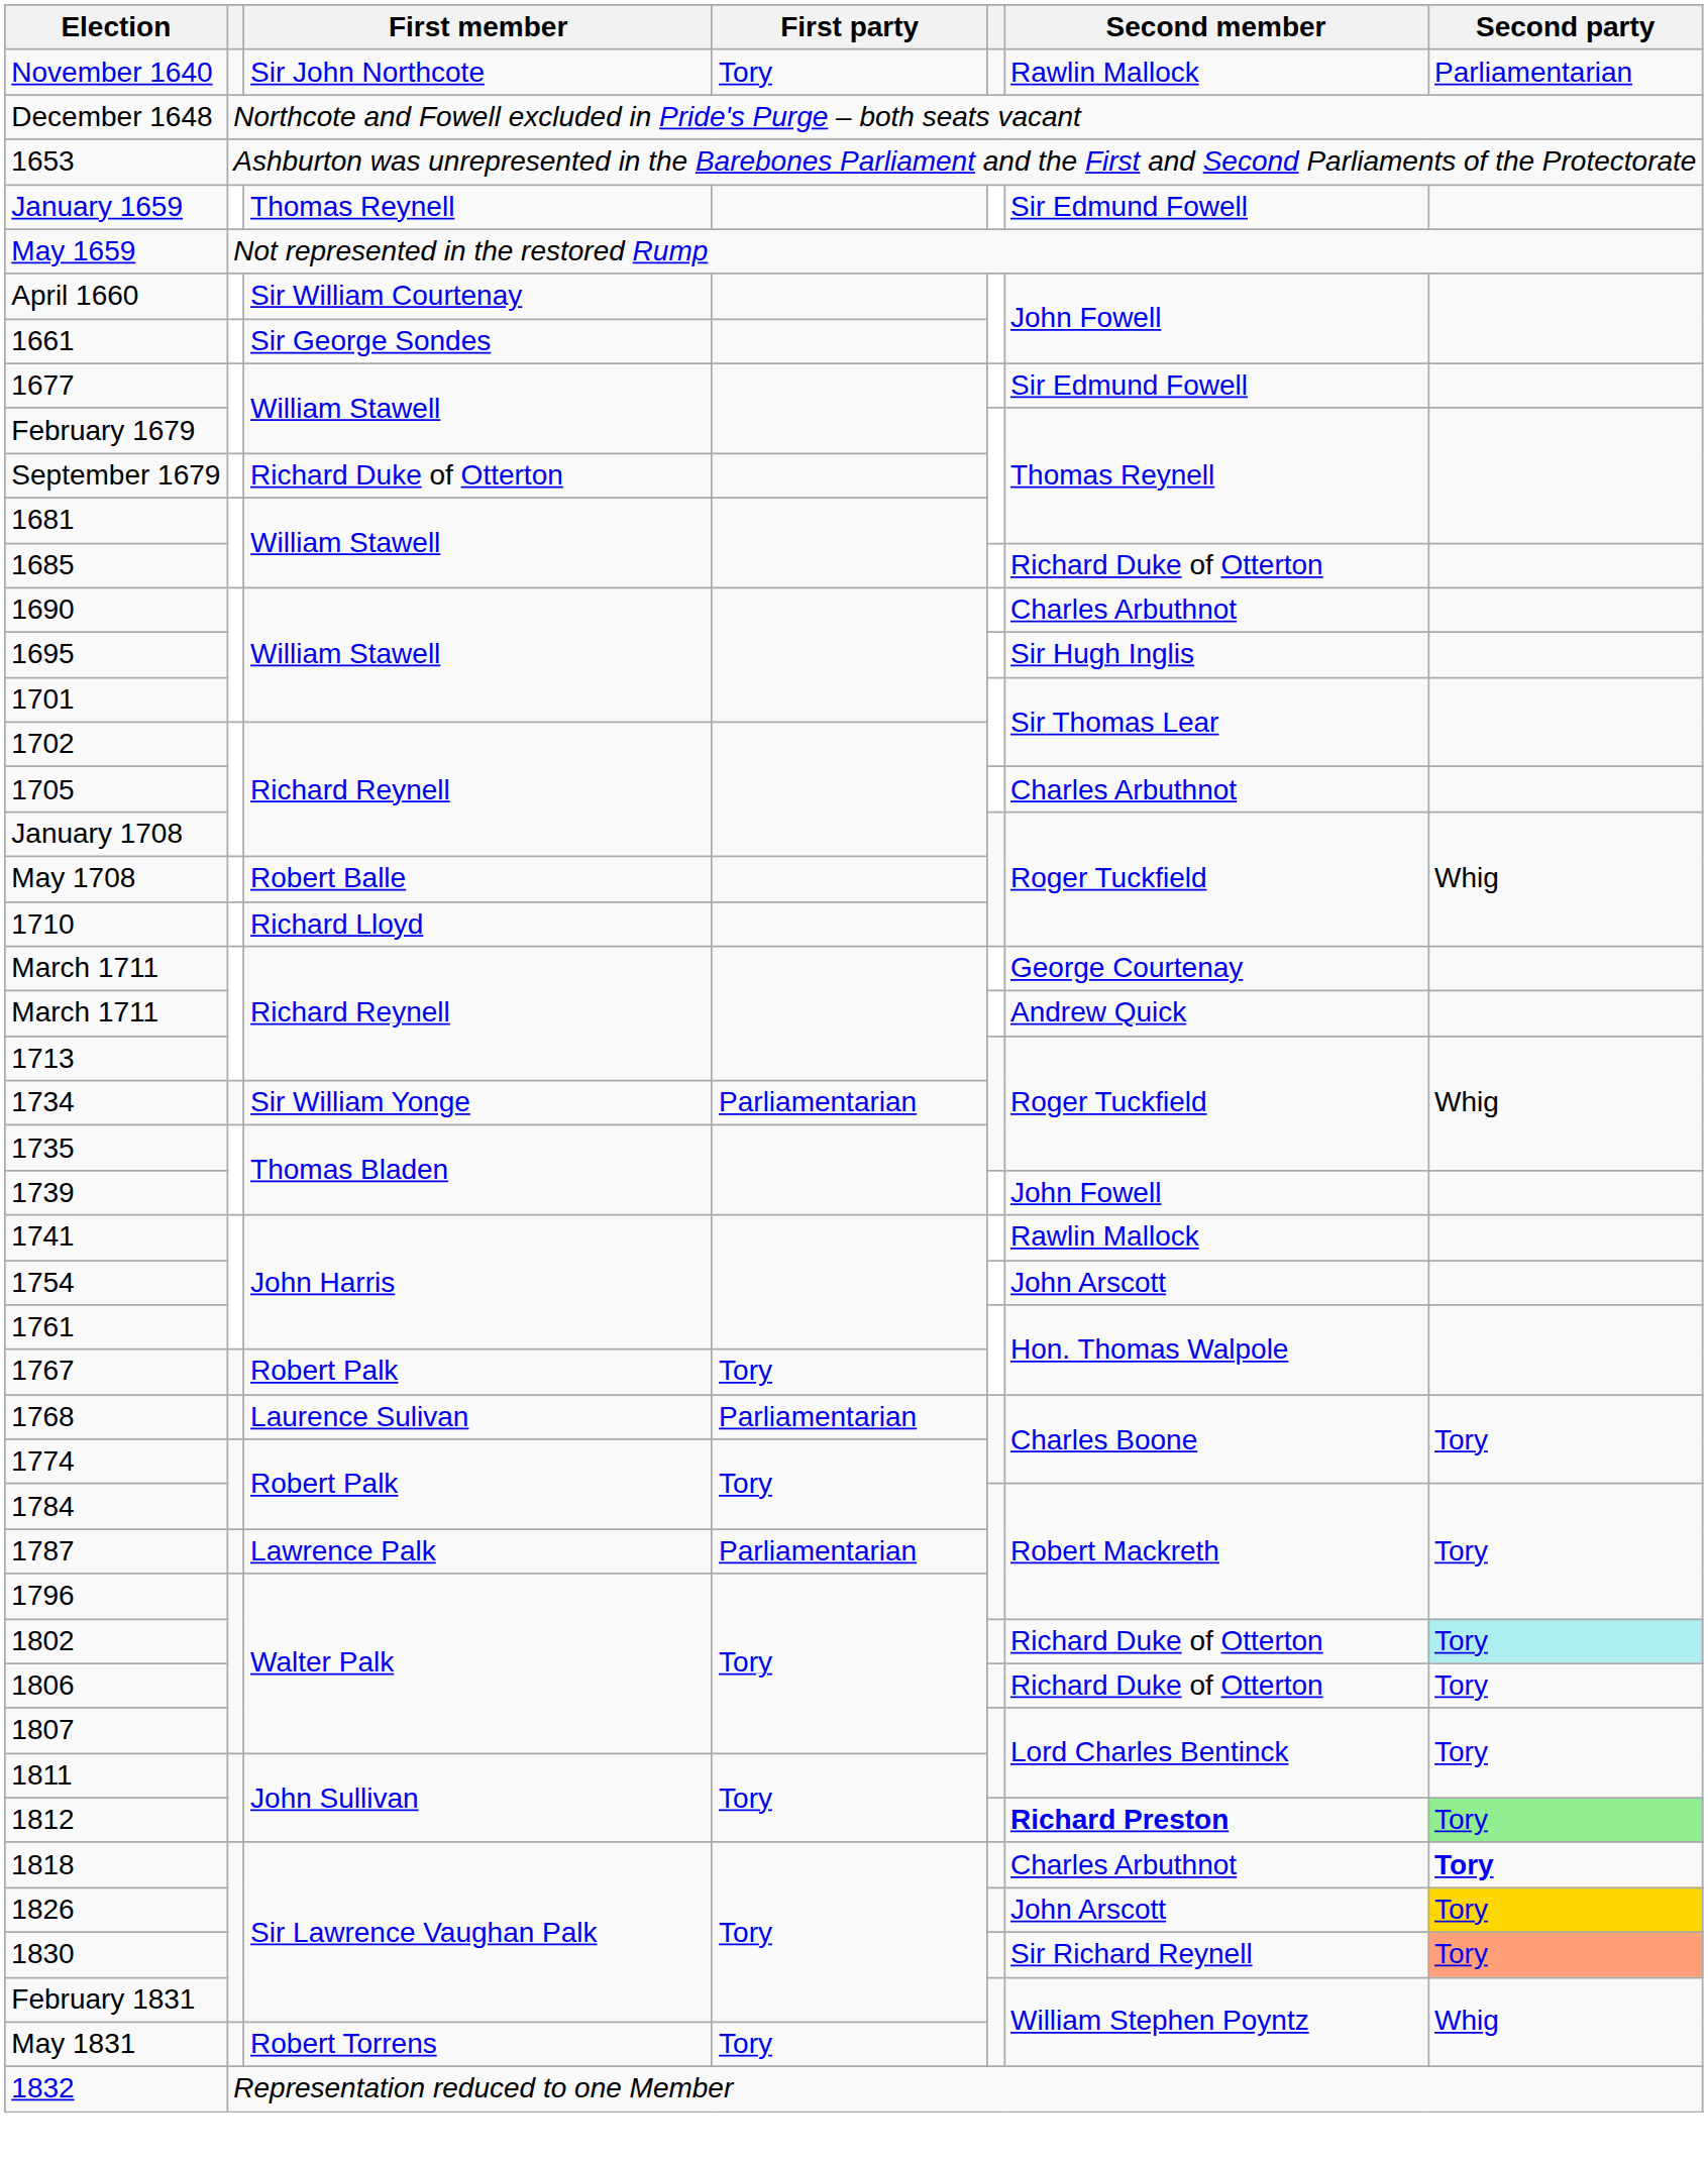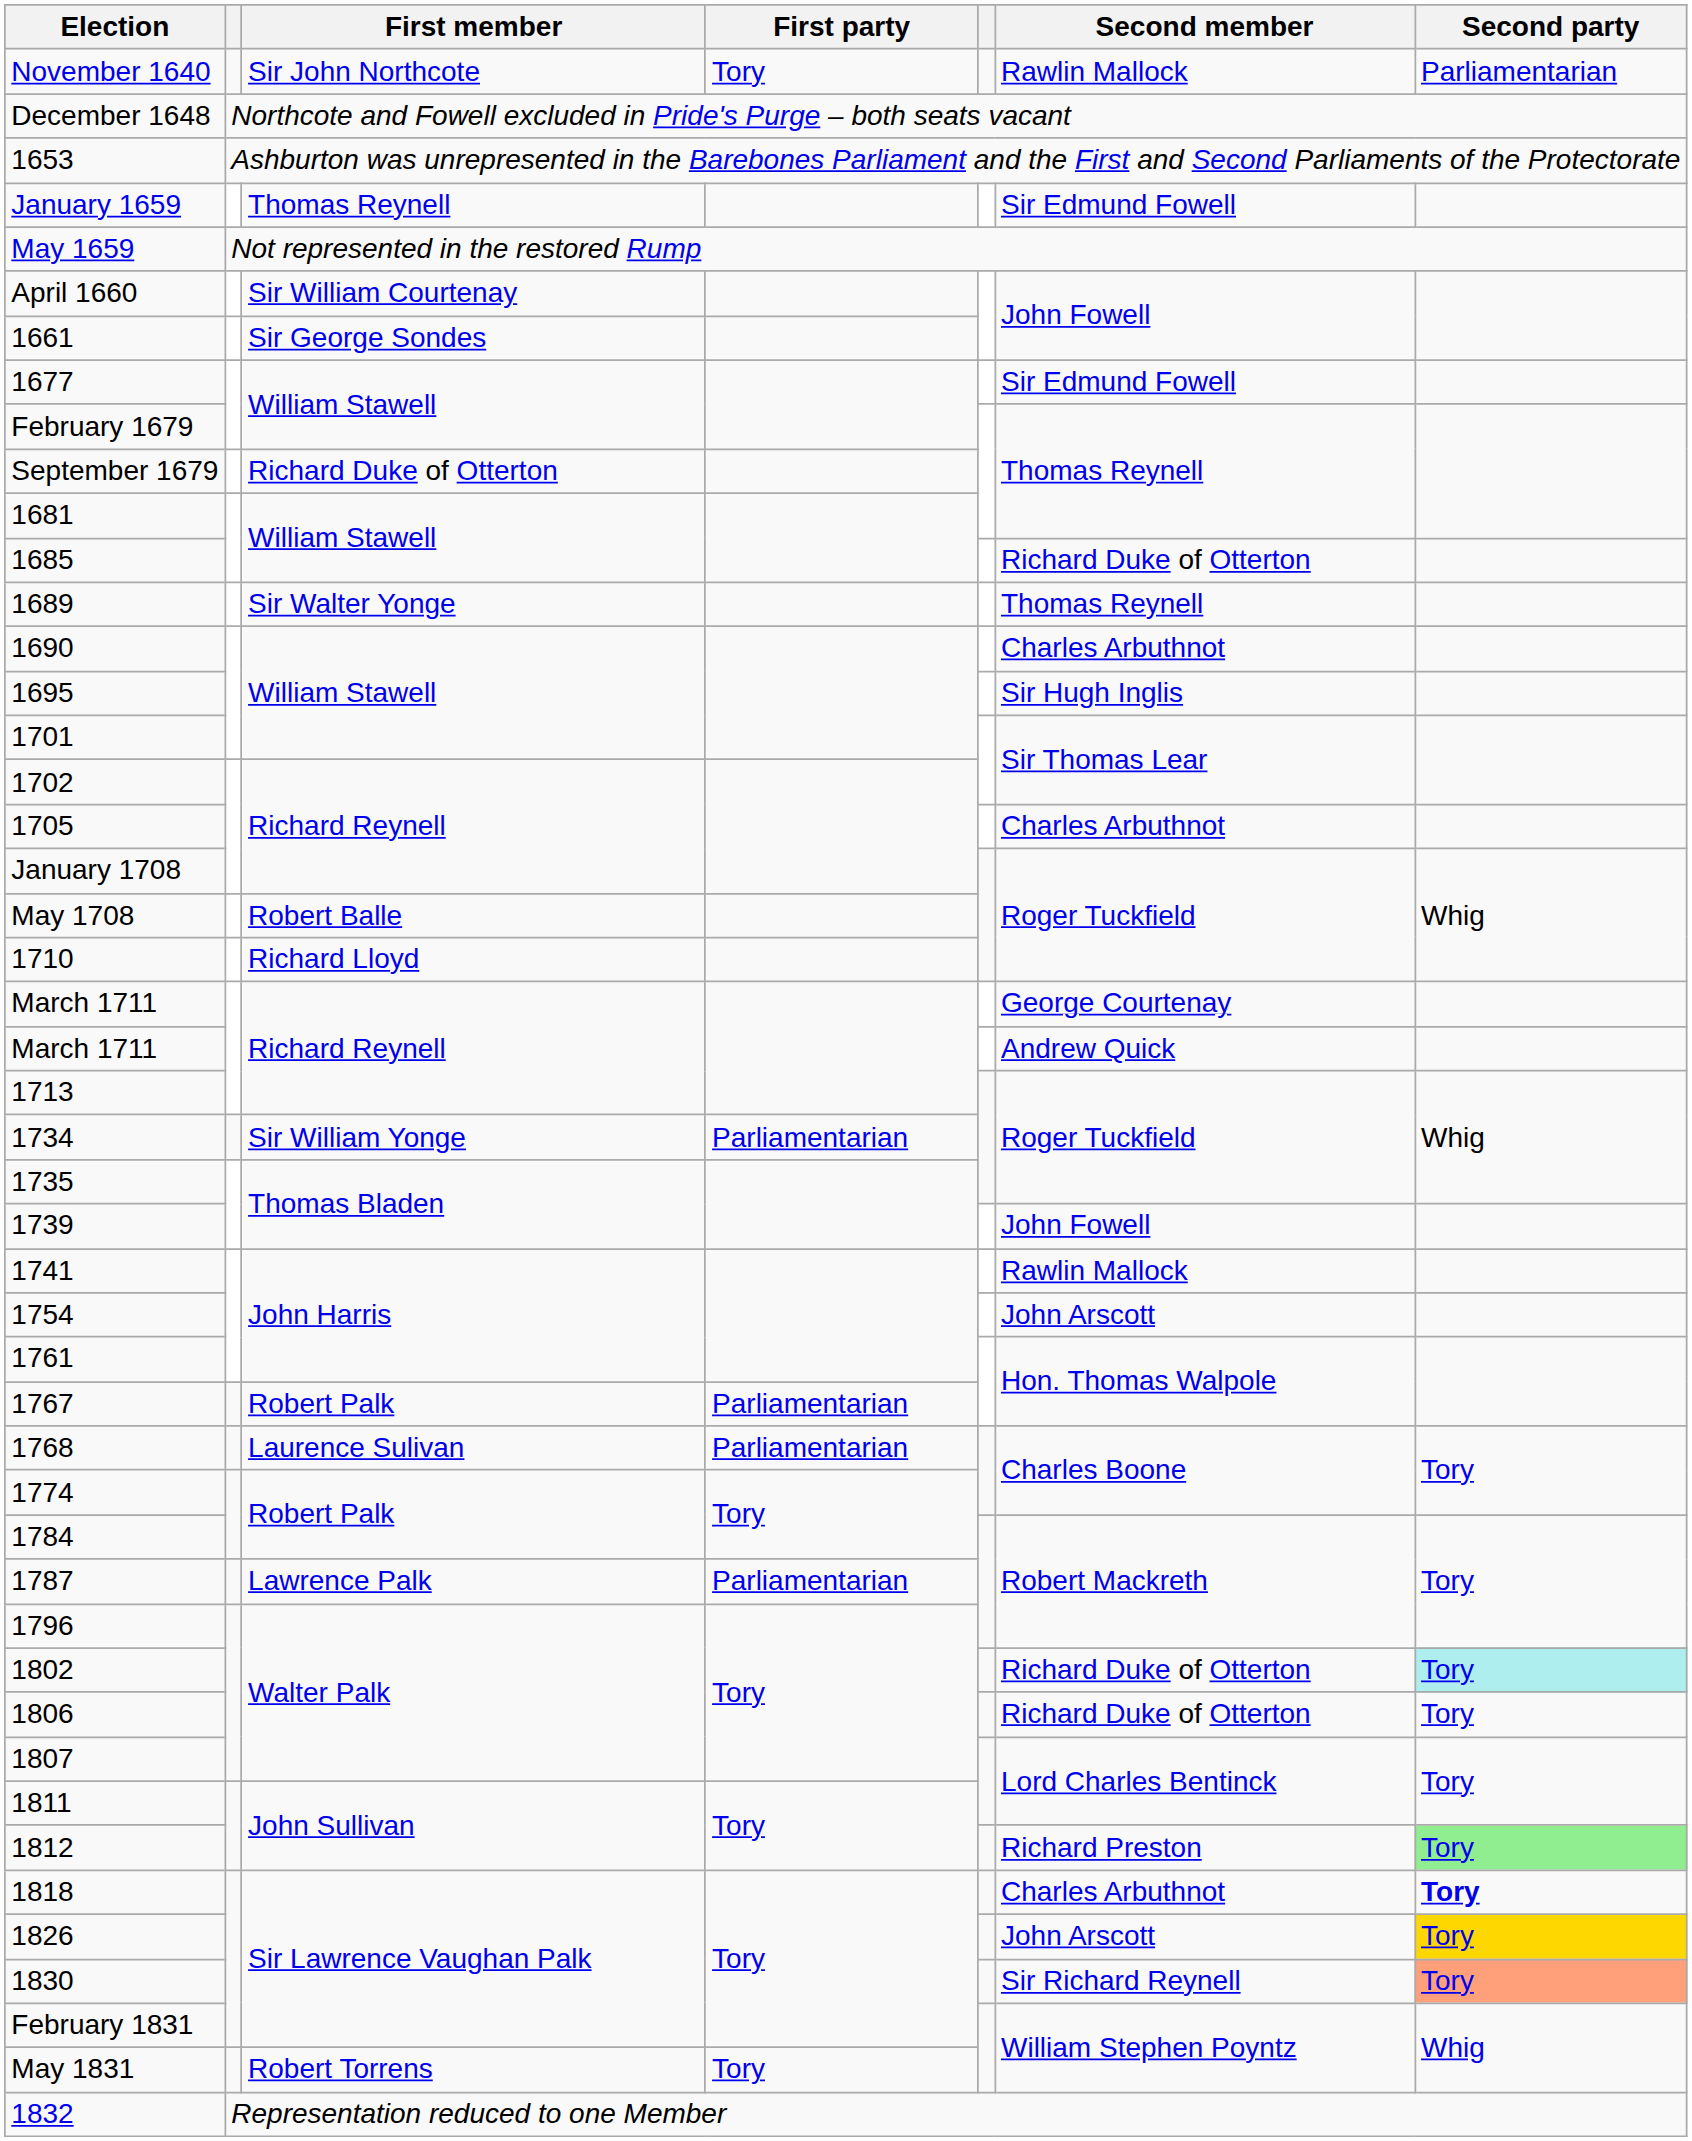 <table class="wikitable">
 <tr>
 <th>Election</th>
 <th></th>
 <th>First member</th>
 <th>First party</th>
 <th></th>
 <th>Second member</th>
 <th>Second party</th>
 </tr>
 <tr>
 <td><a href='#'>November 1640</a></td>
 <td style="color:inherit;background-color: "></td>
 <td><a href='#'>Sir John Northcote</a></td>
 <td><a href='#'>Tory</a></td>
 <td style="color:inherit;background-color: "></td>
 <td><a href='#'>Rawlin Mallock</a></td>
 <td><a href='#'>Parliamentarian</a></td>
 </tr>
 <tr>
 <td>December 1648</td>
 <td colspan="6"><em>Northcote and Fowell excluded in <a href='#'>Pride's Purge</a> – both seats vacant</em></td>
 </tr>
 <tr>
 <td>1653</td>
 <td colspan="6"><em>Ashburton was unrepresented in the <a href='#'>Barebones Parliament</a> and the <a href='#'>First</a> and <a href='#'>Second</a> Parliaments of the Protectorate</em></td>
 </tr>
 <tr>
 <td><a href='#'>January 1659</a></td>
 <td style="color:inherit;background-color: white"></td>
 <td><a href='#'>Thomas Reynell</a></td>
 <td></td>
 <td style="color:inherit;background-color: white"></td>
 <td><a href='#'>Sir Edmund Fowell</a></td>
 <td></td>
 </tr>
 <tr>
 <td><a href='#'>May 1659</a></td>
 <td colspan="6"><em>Not represented in the restored <a href='#'>Rump</a></em></td>
 </tr>
 <tr>
 <td>April 1660</td>
 <td style="color:inherit;background-color: white"></td>
 <td><a href='#'>Sir William Courtenay</a></td>
 <td></td>
 <td rowspan="2"  style="color:inherit;background-color: white"></td>
 <td rowspan="2"><a href='#'>John Fowell</a></td>
 <td rowspan="2"></td>
 </tr>
 <tr>
 <td>1661</td>
 <td style="color:inherit;background-color: white"></td>
 <td><a href='#'>Sir George Sondes</a></td>
 <td></td>
 </tr>
 <tr>
 <td>1677</td>
 <td rowspan="2" style="color:inherit;background-color: white"></td>
 <td rowspan="2"><a href='#'>William Stawell</a></td>
 <td rowspan="2"></td>
 <td style="color:inherit;background-color: white"></td>
 <td><a href='#'>Sir Edmund Fowell</a></td>
 <td></td>
 </tr>
 <tr>
 <td>February 1679</td>
 <td rowspan="3" style="color:inherit;background-color: white"></td>
 <td rowspan="3"><a href='#'>Thomas Reynell</a></td>
 <td rowspan="3"></td>
 </tr>
 <tr>
 <td>September 1679</td>
 <td style="color:inherit;background-color: white"></td>
 <td><a href='#'>Richard Duke</a> of <a href='#'>Otterton</a></td>
 <td></td>
 </tr>
 <tr>
 <td>1681</td>
 <td rowspan="2" style="color:inherit;background-color: white"></td>
 <td rowspan="2"><a href='#'>William Stawell</a></td>
 <td rowspan="2"></td>
 </tr>
 <tr>
 <td>1685</td>
 <td style="color:inherit;background-color: white"></td>
 <td><a href='#'>Richard Duke</a> of <a href='#'>Otterton</a></td>
+<td></td>
+</tr>
+<tr>
+<td>1689</td>
+<td style="color:inherit;background-color: white"></td>
+<td><a href='#'>Sir Walter Yonge</a></td>
+<td></td>
+<td style="color:inherit;background-color: white"></td>
+<td><a href='#'>Thomas Reynell</a></td>
 <td></td>
 </tr>
 <tr>
 <td>1690</td>
 <td rowspan="3" style="color:inherit;background-color: white"></td>
 <td rowspan="3"><a href='#'>William Stawell</a></td>
 <td rowspan="3"></td>
 <td style="color:inherit;background-color: white"></td>
 <td><a href='#'>Charles Arbuthnot</a></td>
 <td></td>
 </tr>
 <tr>
 <td>1695</td>
 <td style="color:inherit;background-color: white"></td>
 <td><a href='#'>Sir Hugh Inglis</a></td>
 <td></td>
 </tr>
 <tr>
 <td>1701</td>
 <td rowspan="2"  style="color:inherit;background-color: white"></td>
 <td rowspan="2"><a href='#'>Sir Thomas Lear</a></td>
 <td rowspan="2"></td>
 </tr>
 <tr>
 <td>1702</td>
 <td rowspan="3" style="color:inherit;background-color: white"></td>
 <td rowspan="3"><a href='#'>Richard Reynell</a></td>
 <td rowspan="3"></td>
 </tr>
 <tr>
 <td>1705</td>
 <td style="color:inherit;background-color: white"></td>
 <td><a href='#'>Charles Arbuthnot</a></td>
 <td></td>
 </tr>
 <tr>
 <td>January 1708</td>
 <td rowspan="3" style="color:inherit;background-color: "></td>
 <td rowspan="3"><a href='#'>Roger Tuckfield</a></td>
 <td rowspan="3">Whig</td>
 </tr>
 <tr>
 <td>May 1708</td>
 <td style="color:inherit;background-color: white"></td>
 <td><a href='#'>Robert Balle</a></td>
 <td></td>
 </tr>
 <tr>
 <td>1710</td>
 <td style="color:inherit;background-color: white"></td>
 <td><a href='#'>Richard Lloyd</a></td>
 <td></td>
 </tr>
 <tr>
 <td>March 1711</td>
 <td rowspan="3" style="color:inherit;background-color: white"></td>
 <td rowspan="3"><a href='#'>Richard Reynell</a></td>
 <td rowspan="3"></td>
 <td style="color:inherit;background-color: white"></td>
 <td><a href='#'>George Courtenay</a></td>
 <td></td>
 </tr>
 <tr>
 <td>March 1711</td>
 <td style="color:inherit;background-color: white"></td>
 <td><a href='#'>Andrew Quick</a></td>
 <td></td>
 </tr>
 <tr>
 <td>1713</td>
 <td rowspan="3" style="color:inherit;background-color: "></td>
 <td rowspan="3"><a href='#'>Roger Tuckfield</a></td>
 <td rowspan="3">Whig</td>
 </tr>
 <tr>
 <td>1734</td>
 <td style="color:inherit;background-color: "></td>
 <td><a href='#'>Sir William Yonge</a></td>
 <td><a href='#'>Parliamentarian</a></td>
 </tr>
 <tr>
 <td>1735</td>
 <td rowspan="2" style="color:inherit;background-color: white"></td>
 <td rowspan="2"><a href='#'>Thomas Bladen</a></td>
 <td rowspan="2"></td>
 </tr>
 <tr>
 <td>1739</td>
 <td style="color:inherit;background-color: white"></td>
 <td><a href='#'>John Fowell</a></td>
 <td></td>
 </tr>
 <tr>
 <td>1741</td>
 <td rowspan="3" style="color:inherit;background-color: white"></td>
 <td rowspan="3"><a href='#'>John Harris</a></td>
 <td rowspan="3"></td>
 <td style="color:inherit;background-color: white"></td>
 <td><a href='#'>Rawlin Mallock</a></td>
 <td></td>
 </tr>
 <tr>
 <td>1754</td>
 <td style="color:inherit;background-color: white"></td>
 <td><a href='#'>John Arscott</a></td>
 <td></td>
 </tr>
 <tr>
 <td>1761</td>
 <td rowspan="2" style="color:inherit;background-color: white"></td>
 <td rowspan="2"><a href='#'>Hon. Thomas Walpole</a></td>
 <td rowspan="2"></td>
 </tr>
 <tr>
 <td>1767</td>
 <td style="color:inherit;background-color: "></td>
 <td><a href='#'>Robert Palk</a></td>
-<td><a href='#'>Tory</a></td>
+<td><a href='#'>Parliamentarian</a></td>
 </tr>
 <tr>
 <td>1768</td>
 <td style="color:inherit;background-color: "></td>
 <td><a href='#'>Laurence Sulivan</a></td>
 <td><a href='#'>Parliamentarian</a></td>
 <td rowspan="2" style="color:inherit;background-color: "></td>
 <td rowspan="2"><a href='#'>Charles Boone</a></td>
 <td rowspan="2"><a href='#'>Tory</a></td>
 </tr>
 <tr>
 <td>1774</td>
 <td rowspan="2" style="color:inherit;background-color: "></td>
 <td rowspan="2"><a href='#'>Robert Palk</a></td>
 <td rowspan="2"><a href='#'>Tory</a></td>
 </tr>
 <tr>
 <td>1784</td>
 <td rowspan="3" style="color:inherit;background-color: "></td>
 <td rowspan="3"><a href='#'>Robert Mackreth</a></td>
 <td rowspan="3"><a href='#'>Tory</a></td>
 </tr>
 <tr>
 <td>1787</td>
 <td style="color:inherit;background-color: "></td>
 <td><a href='#'>Lawrence Palk</a></td>
 <td><a href='#'>Parliamentarian</a></td>
 </tr>
 <tr>
 <td>1796</td>
 <td rowspan="4" style="color:inherit;background-color: "></td>
 <td rowspan="4"><a href='#'>Walter Palk</a></td>
 <td rowspan="4"><a href='#'>Tory</a></td>
 </tr>
 <tr>
 <td>1802</td>
 <td style="color:inherit;background-color: "></td>
 <td><a href='#'>Richard Duke</a> of <a href='#'>Otterton</a></td>
 <td style="background: paleturquoise;"><a href='#'>Tory</a></td>
 </tr>
 <tr>
 <td>1806</td>
 <td style="color:inherit;background-color: "></td>
 <td><a href='#'>Richard Duke</a> of <a href='#'>Otterton</a></td>
 <td><a href='#'>Tory</a></td>
 </tr>
 <tr>
 <td>1807</td>
 <td rowspan="2" style="color:inherit;background-color: "></td>
 <td rowspan="2"><a href='#'>Lord Charles Bentinck</a></td>
 <td rowspan="2"><a href='#'>Tory</a></td>
 </tr>
 <tr>
 <td>1811</td>
 <td rowspan="2" style="color:inherit;background-color: "></td>
 <td rowspan="2"><a href='#'>John Sullivan</a></td>
 <td rowspan="2"><a href='#'>Tory</a></td>
 </tr>
 <tr>
 <td>1812</td>
 <td style="color:inherit;background-color: "></td>
-<td><strong><a href='#'>Richard Preston</a></strong></td>
+<td><a href='#'>Richard Preston</a></td>
 <td style="background: lightgreen;"><a href='#'>Tory</a></td>
 </tr>
 <tr>
 <td>1818</td>
 <td rowspan="4" style="color:inherit;background-color: "></td>
 <td rowspan="4"><a href='#'>Sir Lawrence Vaughan Palk</a></td>
 <td rowspan="4"><a href='#'>Tory</a></td>
 <td style="color:inherit;background-color: "></td>
 <td><a href='#'>Charles Arbuthnot</a></td>
 <td><strong><a href='#'>Tory</a></strong></td>
 </tr>
 <tr>
 <td>1826</td>
 <td style="color:inherit;background-color: "></td>
 <td><a href='#'>John Arscott</a></td>
 <td style="background: gold;"><a href='#'>Tory</a></td>
 </tr>
 <tr>
 <td>1830</td>
 <td style="color:inherit;background-color: "></td>
 <td><a href='#'>Sir Richard Reynell</a></td>
 <td style="background: lightsalmon;"><a href='#'>Tory</a></td>
 </tr>
 <tr>
 <td>February 1831</td>
 <td rowspan="2" style="color:inherit;background-color: "></td>
 <td rowspan="2"><a href='#'>William Stephen Poyntz</a></td>
 <td rowspan="2"><a href='#'>Whig</a></td>
 </tr>
 <tr>
 <td>May 1831</td>
 <td style="color:inherit;background-color: "></td>
 <td><a href='#'>Robert Torrens</a></td>
 <td><a href='#'>Tory</a></td>
 </tr>
 <tr>
 <td><a href='#'>1832</a></td>
 <td colspan="6"><em>Representation reduced to one Member</em></td>
 </tr>
 </table>
